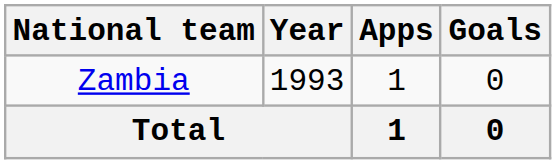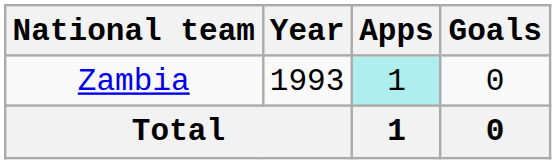 <table class="wikitable" style="text-align: center;">
 <tr>
 <th>National team</th>
 <th>Year</th>
 <th>Apps</th>
 <th>Goals</th>
 </tr>
 <tr>
 <td><a href='#'>Zambia</a></td>
 <td>1993</td>
-<td>1</td>
+<td style="background: paleturquoise;">1</td>
 <td>0</td>
 </tr>
 <tr>
 <th colspan="2">Total</th>
 <th>1</th>
 <th>0</th>
 </tr>
 </table>
